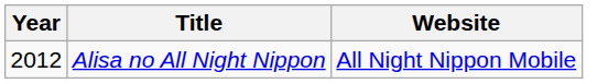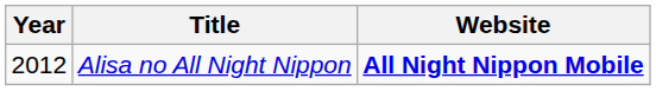 <table class="wikitable">
 <tr>
 <th>Year</th>
 <th>Title</th>
 <th>Website</th>
 </tr>
 <tr>
 <td>2012</td>
 <td><em><a href='#'>Alisa no All Night Nippon</a></em></td>
-<td><a href='#'>All Night Nippon Mobile</a></td>
+<td><strong><a href='#'>All Night Nippon Mobile</a></strong></td>
 </tr>
 </table>
